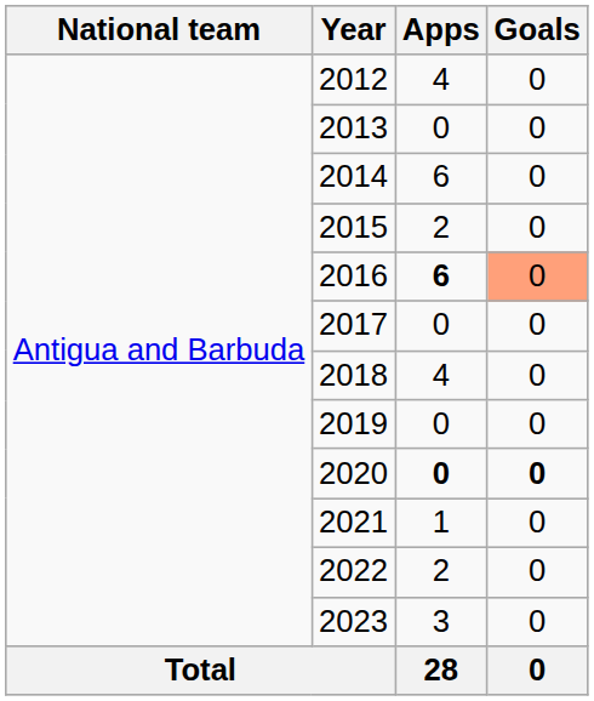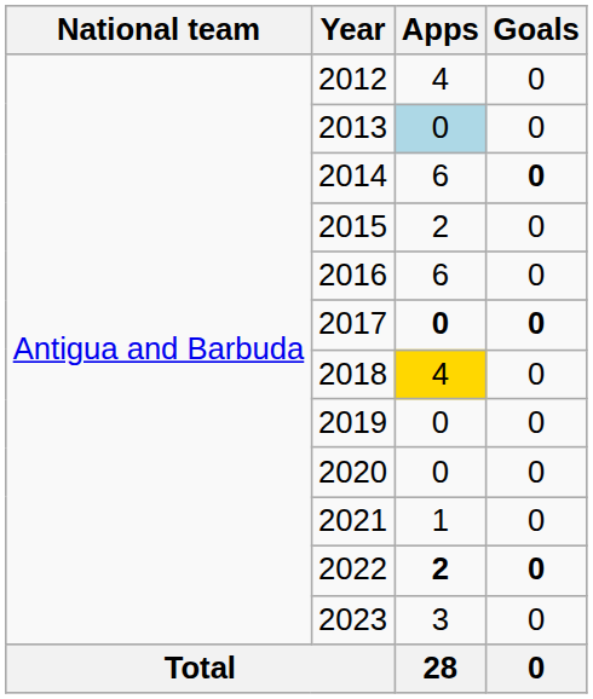 <table class="wikitable" style="text-align: center;">
 <tr>
 <th>National team</th>
 <th>Year</th>
 <th>Apps</th>
 <th>Goals</th>
 </tr>
 <tr>
 <td rowspan="12"><a href='#'>Antigua and Barbuda</a></td>
 <td>2012</td>
 <td>4</td>
 <td>0</td>
 </tr>
 <tr>
 <td>2013</td>
-<td>0</td>
+<td style="background: lightblue;">0</td>
 <td>0</td>
 </tr>
 <tr>
 <td>2014</td>
 <td>6</td>
-<td>0</td>
+<td><strong>0</strong></td>
 </tr>
 <tr>
 <td>2015</td>
 <td>2</td>
 <td>0</td>
 </tr>
 <tr>
 <td>2016</td>
-<td><strong>6</strong></td>
-<td style="background: lightsalmon;">0</td>
+<td>6</td>
+<td>0</td>
 </tr>
 <tr>
 <td>2017</td>
-<td>0</td>
-<td>0</td>
+<td><strong>0</strong></td>
+<td><strong>0</strong></td>
 </tr>
 <tr>
 <td>2018</td>
-<td>4</td>
+<td style="background: gold;">4</td>
 <td>0</td>
 </tr>
 <tr>
 <td>2019</td>
 <td>0</td>
 <td>0</td>
 </tr>
 <tr>
 <td>2020</td>
-<td><strong>0</strong></td>
-<td><strong>0</strong></td>
+<td>0</td>
+<td>0</td>
 </tr>
 <tr>
 <td>2021</td>
 <td>1</td>
 <td>0</td>
 </tr>
 <tr>
 <td>2022</td>
-<td>2</td>
-<td>0</td>
+<td><strong>2</strong></td>
+<td><strong>0</strong></td>
 </tr>
 <tr>
 <td>2023</td>
 <td>3</td>
 <td>0</td>
 </tr>
 <tr>
 <th colspan="2">Total</th>
 <th>28</th>
 <th>0</th>
 </tr>
 </table>
